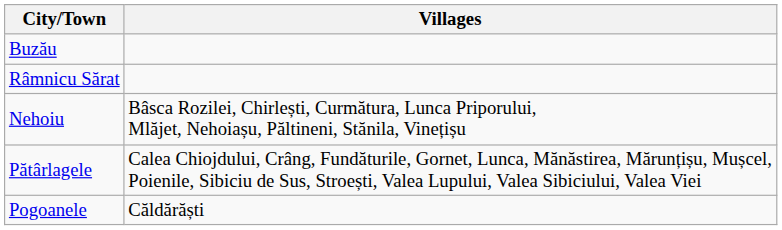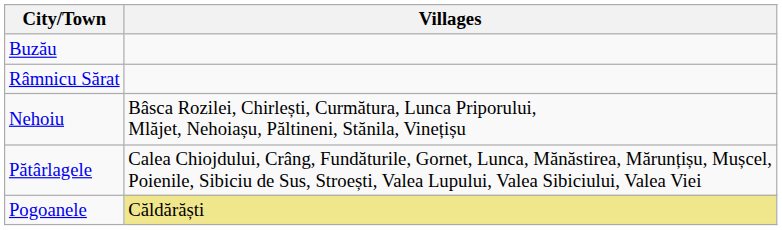 <table class="wikitable">
 <tr>
 <th colspan=1>City/Town</th>
 <th colspan=3>Villages</th>
 </tr>
 <tr>
 <td><a href='#'>Buzău</a></td>
 <td></td>
 </tr>
 <tr>
 <td><a href='#'>Râmnicu Sărat</a></td>
 <td></td>
 </tr>
 <tr>
 <td><a href='#'>Nehoiu</a></td>
 <td>Bâsca Rozilei, Chirlești, Curmătura, Lunca Priporului,<br> Mlăjet, Nehoiașu, Păltineni, Stănila, Vinețișu</td>
 </tr>
 <tr>
 <td><a href='#'>Pătârlagele</a></td>
 <td>Calea Chiojdului, Crâng, Fundăturile, Gornet, Lunca, Mănăstirea, Mărunțișu, Mușcel,<br> Poienile, Sibiciu de Sus, Stroești, Valea Lupului, Valea Sibiciului, Valea Viei</td>
 </tr>
 <tr>
 <td><a href='#'>Pogoanele</a></td>
-<td>Căldărăști</td>
+<td style="background: khaki;">Căldărăști</td>
 </tr>
 </table>
